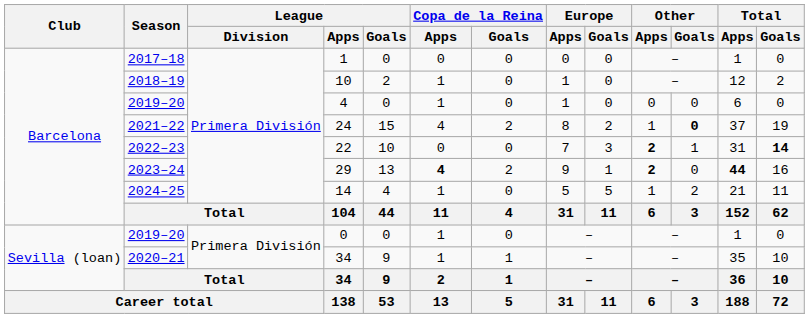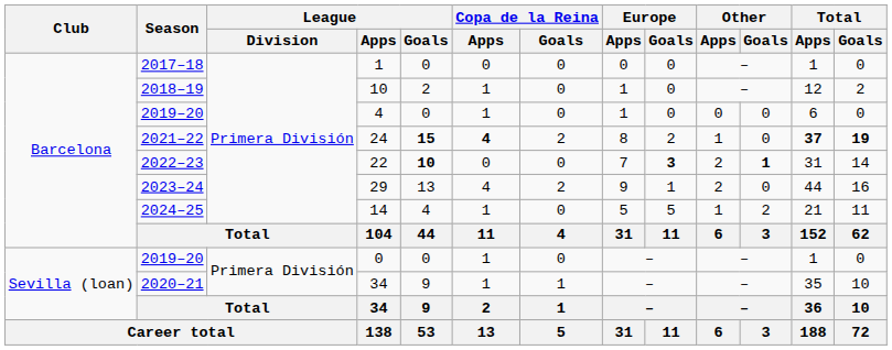 <table class=wikitable style=text-align:center>
 <tr>
 <th rowspan=2>Club</th>
 <th rowspan=2>Season</th>
 <th colspan=3>League</th>
 <th colspan=2><a href='#'>Copa de la Reina</a></th>
 <th colspan=2>Europe</th>
 <th colspan=2>Other</th>
 <th colspan=2>Total</th>
 </tr>
 <tr>
 <th>Division</th>
 <th>Apps</th>
 <th>Goals</th>
 <th>Apps</th>
 <th>Goals</th>
 <th>Apps</th>
 <th>Goals</th>
 <th>Apps</th>
 <th>Goals</th>
 <th>Apps</th>
 <th>Goals</th>
 </tr>
 <tr>
 <td rowspan="8"><a href='#'>Barcelona</a></td>
 <td><a href='#'>2017–18</a></td>
 <td rowspan="7" valign="center"><a href='#'>Primera División</a></td>
 <td>1</td>
 <td>0</td>
 <td>0</td>
 <td>0</td>
 <td>0</td>
 <td>0</td>
 <td colspan="2">–</td>
 <td>1</td>
 <td>0</td>
 </tr>
 <tr>
 <td><a href='#'>2018–19</a></td>
 <td>10</td>
 <td>2</td>
 <td>1</td>
 <td>0</td>
 <td>1</td>
 <td>0</td>
 <td colspan="2">–</td>
 <td>12</td>
 <td>2</td>
 </tr>
 <tr>
 <td><a href='#'>2019–20</a></td>
 <td>4</td>
 <td>0</td>
 <td>1</td>
 <td>0</td>
 <td>1</td>
 <td>0</td>
 <td>0</td>
 <td>0</td>
 <td>6</td>
 <td>0</td>
 </tr>
 <tr>
 <td><a href='#'>2021–22</a></td>
 <td>24</td>
-<td>15</td>
-<td>4</td>
+<td><strong>15</strong></td>
+<td><strong>4</strong></td>
 <td>2</td>
 <td>8</td>
 <td>2</td>
 <td>1</td>
-<td><strong>0</strong></td>
-<td>37</td>
-<td>19</td>
+<td>0</td>
+<td><strong>37</strong></td>
+<td><strong>19</strong></td>
 </tr>
 <tr>
 <td><a href='#'>2022–23</a></td>
 <td>22</td>
-<td>10</td>
+<td><strong>10</strong></td>
 <td>0</td>
 <td>0</td>
 <td>7</td>
-<td>3</td>
-<td><strong>2</strong></td>
-<td>1</td>
+<td><strong>3</strong></td>
+<td>2</td>
+<td><strong>1</strong></td>
 <td>31</td>
-<td><strong>14</strong></td>
+<td>14</td>
 </tr>
 <tr>
 <td><a href='#'>2023–24</a></td>
 <td>29</td>
 <td>13</td>
-<td><strong>4</strong></td>
+<td>4</td>
 <td>2</td>
 <td>9</td>
 <td>1</td>
-<td><strong>2</strong></td>
+<td>2</td>
 <td>0</td>
-<td><strong>44</strong></td>
+<td>44</td>
 <td>16</td>
 </tr>
 <tr>
 <td><a href='#'>2024–25</a></td>
 <td>14</td>
 <td>4</td>
 <td>1</td>
 <td>0</td>
 <td>5</td>
 <td>5</td>
 <td>1</td>
 <td>2</td>
 <td>21</td>
 <td>11</td>
 </tr>
 <tr>
 <th colspan="2">Total</th>
 <th>104</th>
 <th>44</th>
 <th>11</th>
 <th>4</th>
 <th>31</th>
 <th>11</th>
 <th>6</th>
 <th>3</th>
 <th>152</th>
 <th>62</th>
 </tr>
 <tr>
 <td rowspan="3"><a href='#'>Sevilla</a> (loan)</td>
 <td><a href='#'>2019–20</a></td>
 <td rowspan="2" valign="center">Primera División</td>
 <td>0</td>
 <td>0</td>
 <td>1</td>
 <td>0</td>
 <td colspan="2">–</td>
 <td colspan="2">–</td>
 <td>1</td>
 <td>0</td>
 </tr>
 <tr>
 <td><a href='#'>2020–21</a></td>
 <td>34</td>
 <td>9</td>
 <td>1</td>
 <td>1</td>
 <td colspan="2">–</td>
 <td colspan="2">–</td>
 <td>35</td>
 <td>10</td>
 </tr>
 <tr>
 <th colspan="2">Total</th>
 <th>34</th>
 <th>9</th>
 <th>2</th>
 <th>1</th>
 <th colspan="2">–</th>
 <th colspan="2">–</th>
 <th>36</th>
 <th>10</th>
 </tr>
 <tr>
 <th colspan=3>Career total</th>
 <th>138</th>
 <th>53</th>
 <th>13</th>
 <th>5</th>
 <th>31</th>
 <th>11</th>
 <th>6</th>
 <th>3</th>
 <th>188</th>
 <th>72</th>
 </tr>
 </table>
